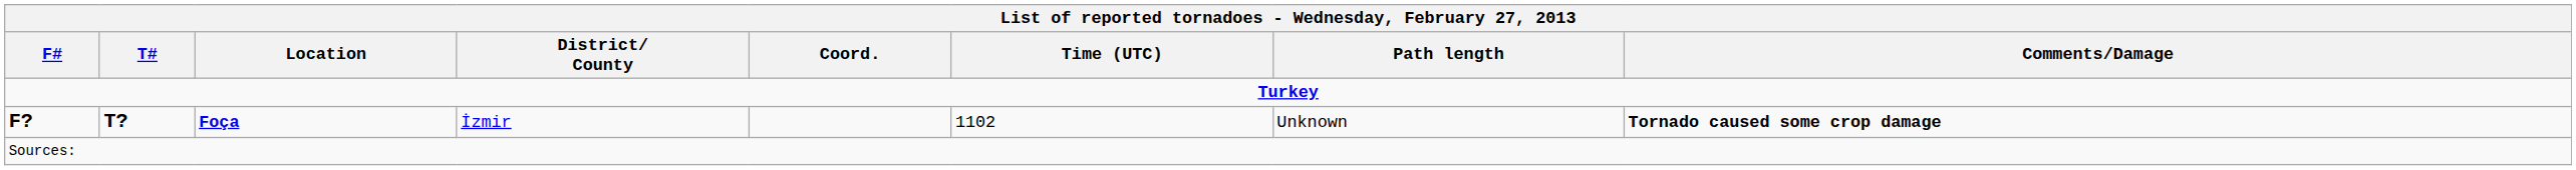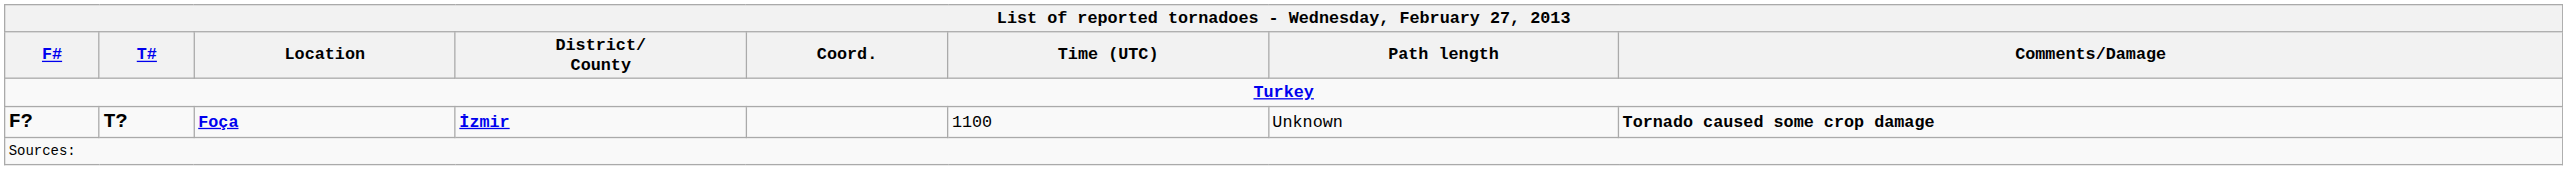 <table class="wikitable collapsible" width="100%">
 <tr>
 <th colspan="8">List of reported tornadoes - Wednesday, February 27, 2013</th>
 </tr>
 <tr>
 <th><a href='#'>F#</a></th>
 <th><a href='#'>T#</a></th>
 <th>Location</th>
 <th>District/<br>County</th>
 <th>Coord.</th>
 <th>Time (UTC)</th>
 <th>Path length</th>
 <th>Comments/Damage</th>
 </tr>
 <tr>
 <td colspan="8" align=center><strong><a href='#'>Turkey</a></strong></td>
 </tr>
 <tr>
 <td><big><strong>F?</strong></big></td>
 <td><big><strong>T?</strong></big></td>
 <td><strong><a href='#'>Foça</a></strong></td>
-<td><a href='#'>İzmir</a></td>
+<td><strong><a href='#'>İzmir</a></strong></td>
 <td></td>
-<td>1102</td>
+<td>1100</td>
 <td>Unknown</td>
 <td><strong>Tornado caused some crop damage</strong></td>
 </tr>
 <tr>
 <td colspan="8"><small>Sources:  </small></td>
 </tr>
 </table>
